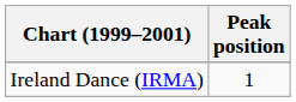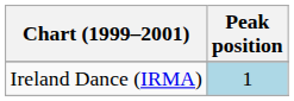 <table class="wikitable sortable">
 <tr>
 <th>Chart (1999–2001)</th>
 <th>Peak<br>position</th>
 </tr>
 <tr>
 </tr>
 <tr>
 </tr>
 <tr>
 </tr>
 <tr>
 <td>Ireland Dance (<a href='#'>IRMA</a>)</td>
-<td align="center">1</td>
+<td align="center" style="background: lightblue;">1</td>
 </tr>
 <tr>
 </tr>
 <tr>
 </tr>
 <tr>
 </tr>
 <tr>
 </tr>
 </table>
